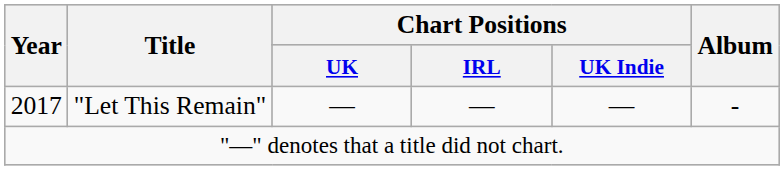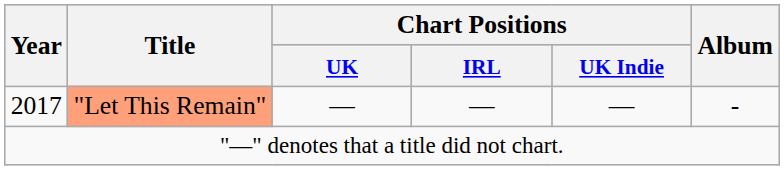 <table class="wikitable" style="text-align:center;">
 <tr>
 <th rowspan="2">Year</th>
 <th rowspan="2">Title</th>
 <th colspan="3">Chart Positions</th>
 <th rowspan="2">Album</th>
 </tr>
 <tr>
 <th width="80"><small><a href='#'>UK</a></small></th>
 <th width="80"><small><a href='#'>IRL</a></small></th>
 <th width="80"><small><a href='#'>UK Indie</a></small></th>
 </tr>
 <tr>
 <td>2017</td>
-<td style="text-align:left;">"Let This Remain"</td>
+<td style="background: lightsalmon; text-align:left;">"Let This Remain"</td>
 <td align="center">—</td>
 <td align="center">—</td>
 <td align="center">—</td>
 <td align="center">-</td>
 </tr>
 <tr>
 <td colspan="7" style="font-size:90%">"—" denotes that a title did not chart.</td>
 </tr>
 </table>
